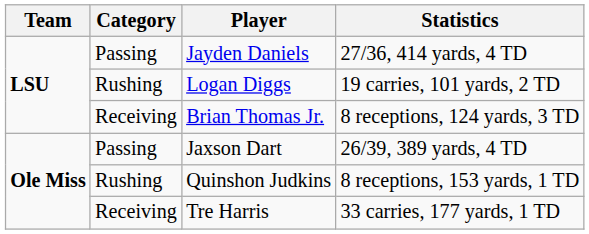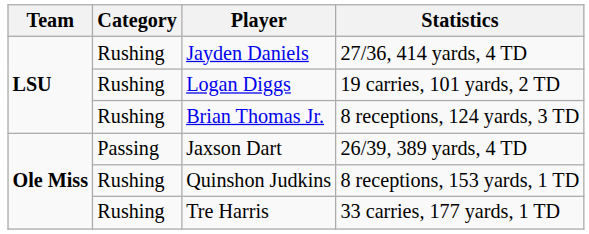 <table class="wikitable" style="float: right;">
 <tr>
 <th>Team</th>
 <th>Category</th>
 <th>Player</th>
 <th>Statistics</th>
 </tr>
 <tr>
 <td rowspan=3><strong>LSU</strong></td>
-<td>Passing</td>
+<td>Rushing</td>
 <td><a href='#'>Jayden Daniels</a></td>
 <td>27/36, 414 yards, 4 TD</td>
 </tr>
 <tr>
 <td>Rushing</td>
 <td><a href='#'>Logan Diggs</a></td>
 <td>19 carries, 101 yards, 2 TD</td>
 </tr>
 <tr>
-<td>Receiving</td>
+<td>Rushing</td>
 <td><a href='#'>Brian Thomas Jr.</a></td>
 <td>8 receptions, 124 yards, 3 TD</td>
 </tr>
 <tr>
 <td rowspan=3><strong>Ole Miss</strong></td>
 <td>Passing</td>
 <td>Jaxson Dart</td>
 <td>26/39, 389 yards, 4 TD</td>
 </tr>
 <tr>
 <td>Rushing</td>
 <td>Quinshon Judkins</td>
 <td>8 receptions, 153 yards, 1 TD</td>
 </tr>
 <tr>
-<td>Receiving</td>
+<td>Rushing</td>
 <td>Tre Harris</td>
 <td>33 carries, 177 yards, 1 TD</td>
 </tr>
 </table>
